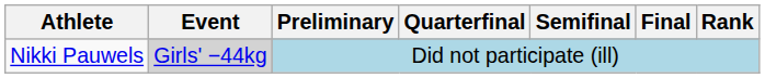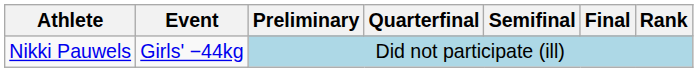 <table class="wikitable" style="text-align:left; font-size:90%">
 <tr>
 <th>Athlete</th>
 <th>Event</th>
 <th>Preliminary</th>
 <th>Quarterfinal</th>
 <th>Semifinal</th>
 <th>Final</th>
 <th>Rank</th>
 </tr>
 <tr>
 <td><a href='#'>Nikki Pauwels</a></td>
-<td style="background: lightgrey;"><a href='#'>Girls' −44kg</a></td>
+<td><a href='#'>Girls' −44kg</a></td>
 <td align=center colspan="5" bgcolor="lightblue">Did not participate (ill)</td>
 </tr>
 </table>
